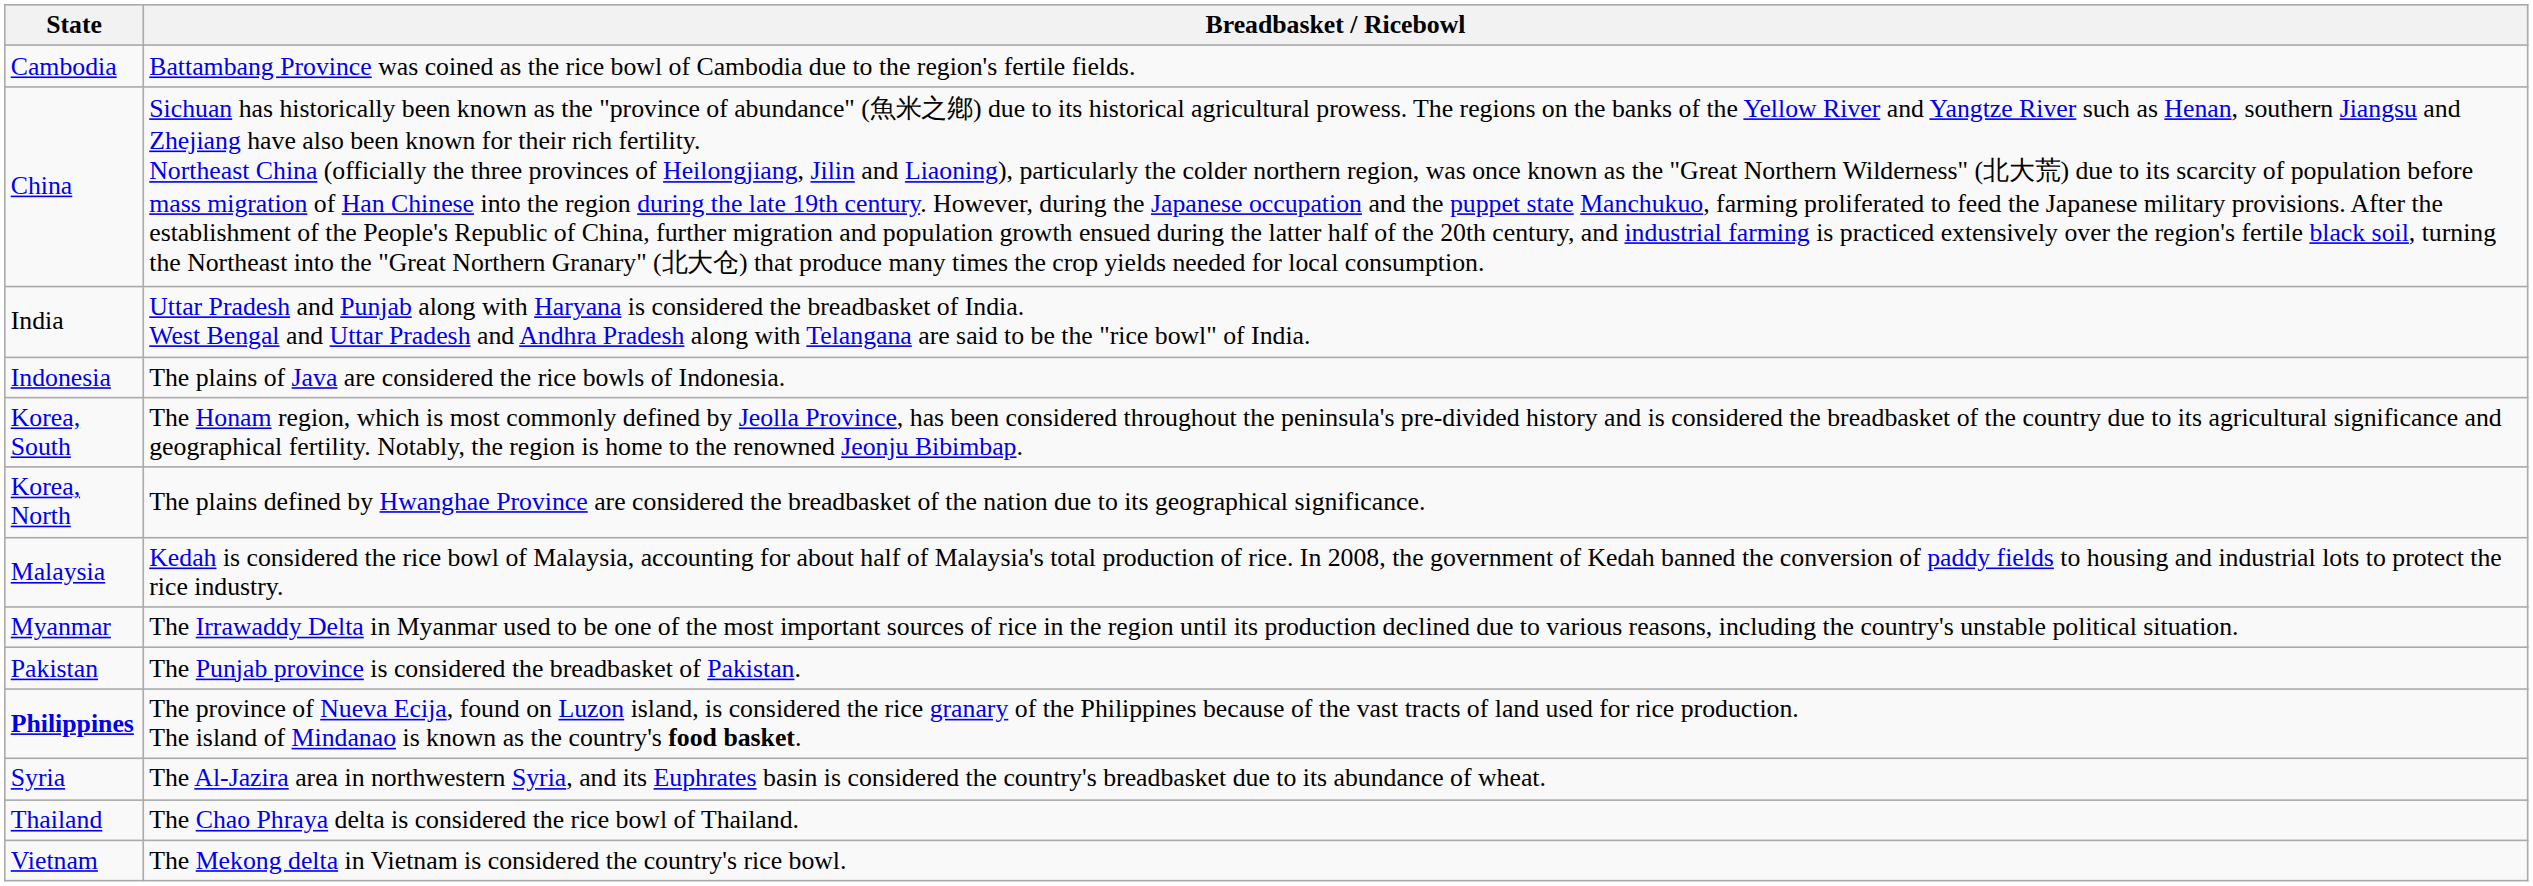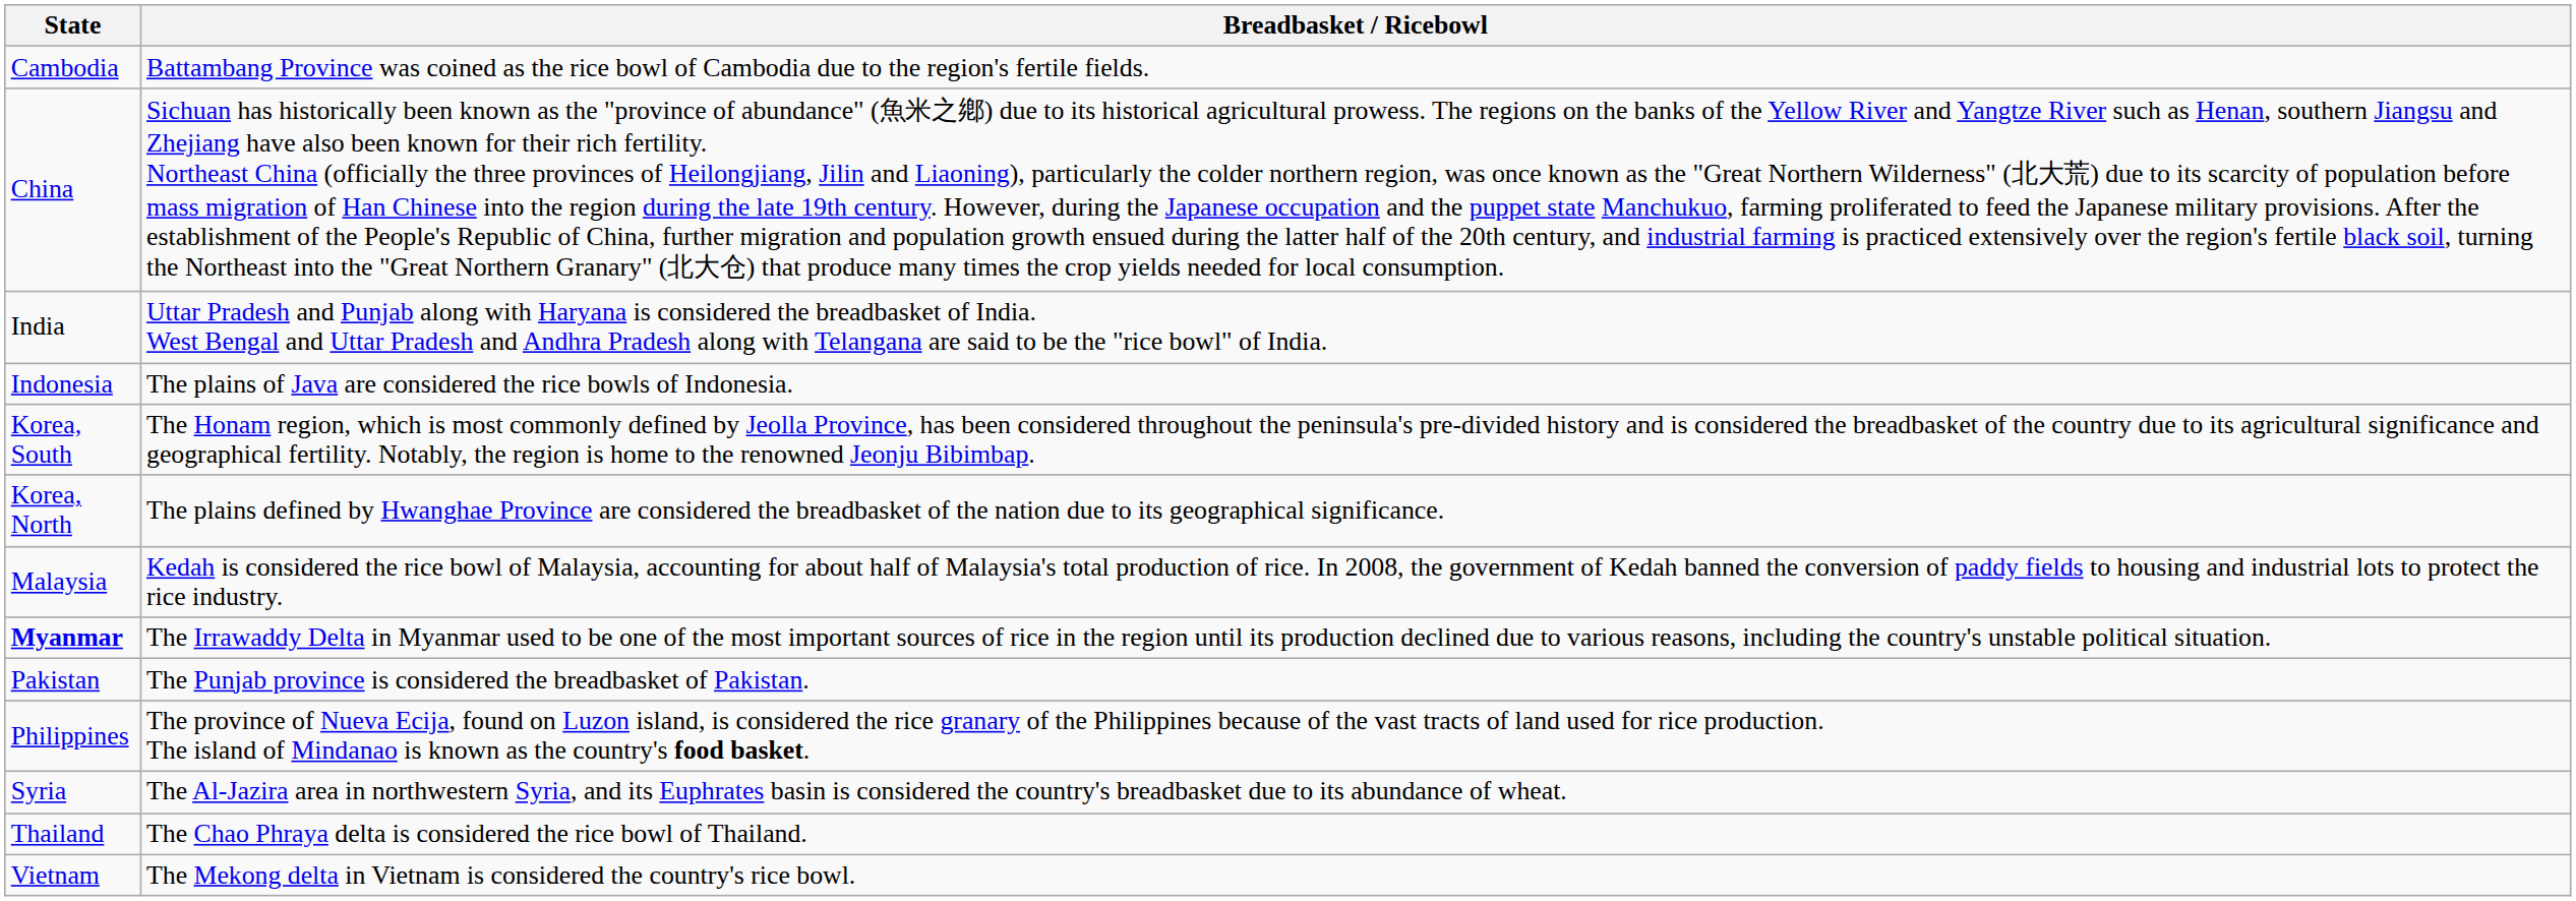 <table class="wikitable">
 <tr>
 <th>State</th>
 <th>Breadbasket / Ricebowl</th>
 </tr>
 <tr>
 <td><a href='#'>Cambodia</a></td>
 <td><a href='#'>Battambang Province</a> was coined as the rice bowl of Cambodia due to the region's fertile fields.</td>
 </tr>
 <tr>
 <td><a href='#'>China</a></td>
 <td><a href='#'>Sichuan</a> has historically been known as the "province of abundance" (魚米之鄕) due to its historical agricultural prowess. The regions on the banks of the <a href='#'>Yellow River</a> and <a href='#'>Yangtze River</a> such as <a href='#'>Henan</a>, southern <a href='#'>Jiangsu</a> and <a href='#'>Zhejiang</a> have also been known for their rich fertility.<br><a href='#'>Northeast China</a> (officially the three provinces of <a href='#'>Heilongjiang</a>, <a href='#'>Jilin</a> and <a href='#'>Liaoning</a>), particularly the colder northern region, was once known as the "Great Northern Wilderness" (北大荒) due to its scarcity of population before <a href='#'>mass migration</a> of <a href='#'>Han Chinese</a> into the region <a href='#'>during the late 19th century</a>. However, during the <a href='#'>Japanese occupation</a> and the <a href='#'>puppet state</a> <a href='#'>Manchukuo</a>, farming proliferated to feed the Japanese military provisions. After the establishment of the People's Republic of China, further migration and population growth ensued during the latter half of the 20th century, and <a href='#'>industrial farming</a> is practiced extensively over the region's fertile <a href='#'>black soil</a>, turning the Northeast into the "Great Northern Granary" (北大仓) that produce many times the crop yields needed for local consumption.</td>
 </tr>
 <tr>
 <td>India</td>
 <td><a href='#'>Uttar Pradesh</a> and <a href='#'>Punjab</a> along with <a href='#'>Haryana</a> is considered the breadbasket of India.<br><a href='#'>West Bengal</a> and <a href='#'>Uttar Pradesh</a> and <a href='#'>Andhra Pradesh</a> along with <a href='#'>Telangana</a> are said to be the "rice bowl" of India.</td>
 </tr>
 <tr>
 <td><a href='#'>Indonesia</a></td>
 <td>The plains of <a href='#'>Java</a> are considered the rice bowls of Indonesia.</td>
 </tr>
 <tr>
 <td><a href='#'>Korea, South</a></td>
 <td>The <a href='#'>Honam</a> region, which is most commonly defined by <a href='#'>Jeolla Province</a>, has been considered throughout the peninsula's pre-divided history and is considered the breadbasket of the country due to its agricultural significance and geographical fertility. Notably, the region is home to the renowned <a href='#'>Jeonju Bibimbap</a>.</td>
 </tr>
 <tr>
 <td><a href='#'>Korea, North</a></td>
 <td>The plains defined by <a href='#'>Hwanghae Province</a> are considered the breadbasket of the nation due to its geographical significance.</td>
 </tr>
 <tr>
 <td><a href='#'>Malaysia</a></td>
 <td><a href='#'>Kedah</a> is considered the rice bowl of Malaysia, accounting for about half of Malaysia's total production of rice. In 2008, the government of Kedah banned the conversion of <a href='#'>paddy fields</a> to housing and industrial lots to protect the rice industry.</td>
 </tr>
 <tr>
-<td><a href='#'>Myanmar</a></td>
+<td><strong><a href='#'>Myanmar</a></strong></td>
 <td>The <a href='#'>Irrawaddy Delta</a> in Myanmar used to be one of the most important sources of rice in the region until its production declined due to various reasons, including the country's unstable political situation.</td>
 </tr>
 <tr>
 <td><a href='#'>Pakistan</a></td>
 <td>The <a href='#'>Punjab province</a> is considered the breadbasket of <a href='#'>Pakistan</a>.</td>
 </tr>
 <tr>
-<td><strong><a href='#'>Philippines</a></strong></td>
+<td><a href='#'>Philippines</a></td>
 <td>The province of <a href='#'>Nueva Ecija</a>, found on <a href='#'>Luzon</a> island, is considered the rice <a href='#'>granary</a> of the Philippines because of the vast tracts of land used for rice production.<br>The island of <a href='#'>Mindanao</a> is known as the country's <strong>food basket</strong>.</td>
 </tr>
 <tr>
 <td><a href='#'>Syria</a></td>
 <td>The <a href='#'>Al-Jazira</a> area in northwestern <a href='#'>Syria</a>, and its <a href='#'>Euphrates</a> basin is considered the country's breadbasket due to its abundance of wheat.</td>
 </tr>
 <tr>
 <td><a href='#'>Thailand</a></td>
 <td>The <a href='#'>Chao Phraya</a> delta is considered the rice bowl of Thailand.</td>
 </tr>
 <tr>
 <td><a href='#'>Vietnam</a></td>
 <td>The <a href='#'>Mekong delta</a> in Vietnam is considered the country's rice bowl.</td>
 </tr>
 </table>
